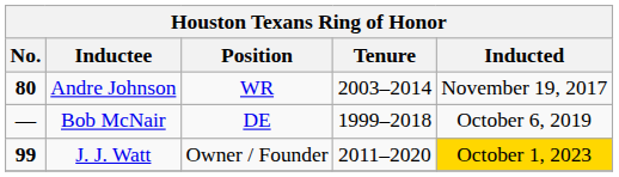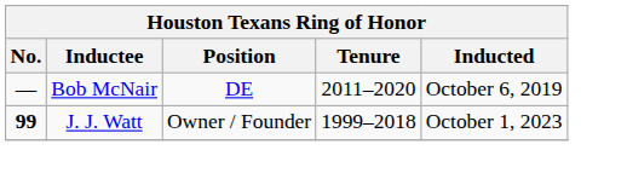 <table class="wikitable" style="text-align:center;">
 <tr>
 <th colspan="5">Houston Texans Ring of Honor</th>
 </tr>
 <tr>
 <th>No.</th>
 <th>Inductee</th>
 <th>Position</th>
 <th>Tenure</th>
 <th>Inducted</th>
 </tr>
 <tr>
-<td><strong>80</strong></td>
-<td><a href='#'>Andre Johnson</a></td>
-<td><a href='#'>WR</a></td>
-<td>2003–2014</td>
-<td>November 19, 2017</td>
-</tr>
-<tr>
 <td>—</td>
 <td><a href='#'>Bob McNair</a></td>
 <td><a href='#'>DE</a></td>
-<td>1999–2018</td>
+<td>2011–2020</td>
 <td>October 6, 2019</td>
 </tr>
 <tr>
 <td><strong>99</strong></td>
 <td><a href='#'>J. J. Watt</a></td>
 <td>Owner / Founder</td>
-<td>2011–2020</td>
-<td style="background: gold;">October 1, 2023</td>
+<td>1999–2018</td>
+<td>October 1, 2023</td>
 </tr>
 <tr>
 </tr>
 </table>
